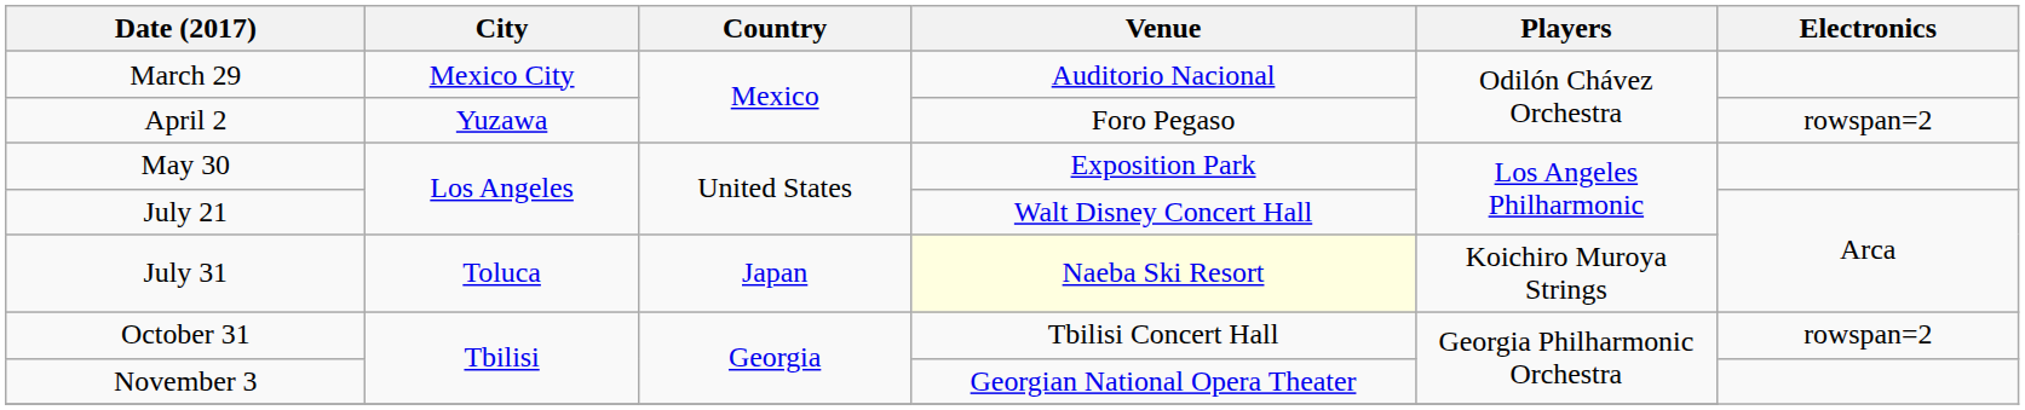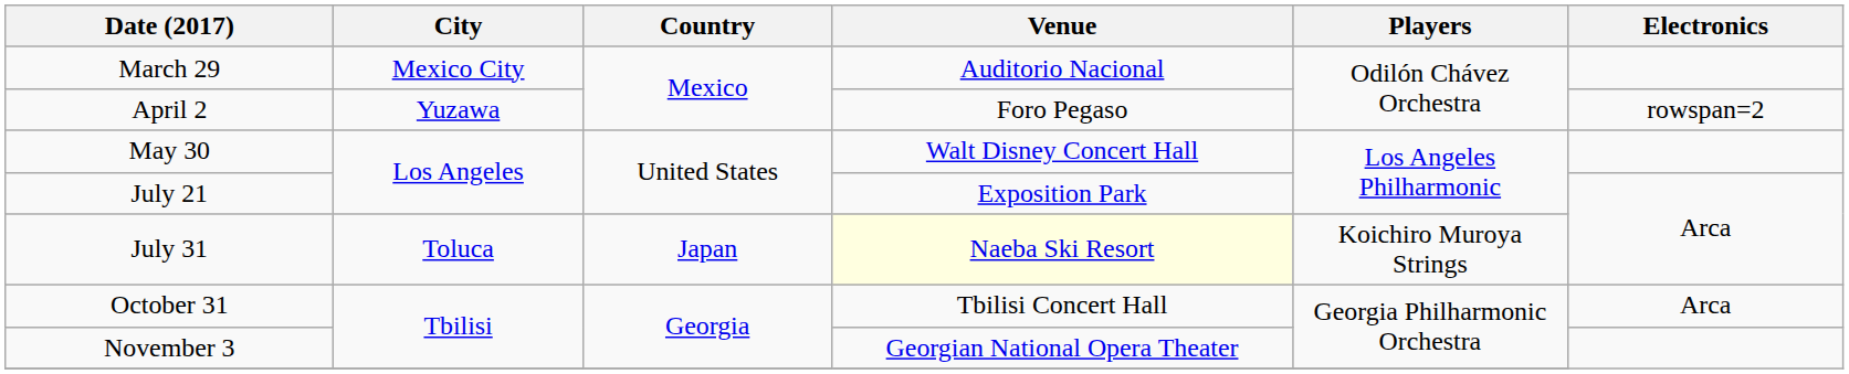 <table class="wikitable plainrowheaders" style="text-align: center;">
 <tr>
 <th scope="col" style="width:12em;">Date (2017)</th>
 <th scope="col" style="width:9em;">City</th>
 <th scope="col" style="width:9em;">Country</th>
 <th scope="col" style="width:17em;">Venue</th>
 <th scope="col" style="width:10em;">Players</th>
 <th scope="col" style="width:10em;">Electronics</th>
 </tr>
 <tr>
 <td>March 29</td>
 <td><a href='#'>Mexico City</a></td>
 <td rowspan=2><a href='#'>Mexico</a></td>
 <td><a href='#'>Auditorio Nacional</a></td>
 <td rowspan=2>Odilón Chávez Orchestra</td>
 <td></td>
 </tr>
 <tr>
 <td>April 2</td>
 <td><a href='#'>Yuzawa</a></td>
 <td>Foro Pegaso</td>
 <td>rowspan=2 </td>
 </tr>
 <tr>
 <td>May 30</td>
 <td rowspan=2><a href='#'>Los Angeles</a></td>
 <td rowspan=2>United States</td>
-<td><a href='#'>Exposition Park</a></td>
+<td><a href='#'>Walt Disney Concert Hall</a></td>
 <td rowspan=2><a href='#'>Los Angeles Philharmonic</a></td>
 <td></td>
 </tr>
 <tr>
 <td>July 21</td>
-<td><a href='#'>Walt Disney Concert Hall</a></td>
+<td><a href='#'>Exposition Park</a></td>
 <td rowspan=2>Arca</td>
 </tr>
 <tr>
 <td>July 31</td>
 <td><a href='#'>Toluca</a></td>
 <td><a href='#'>Japan</a></td>
 <td style="background: lightyellow;"><a href='#'>Naeba Ski Resort</a></td>
 <td>Koichiro Muroya Strings</td>
 </tr>
 <tr>
 <td>October 31</td>
 <td rowspan=2><a href='#'>Tbilisi</a></td>
 <td rowspan=2><a href='#'>Georgia</a></td>
 <td>Tbilisi Concert Hall</td>
 <td rowspan=2>Georgia Philharmonic Orchestra</td>
-<td>rowspan=2 </td>
+<td>Arca</td>
 </tr>
 <tr>
 <td>November 3</td>
 <td><a href='#'>Georgian National Opera Theater</a></td>
 </tr>
 <tr>
 </tr>
 </table>
